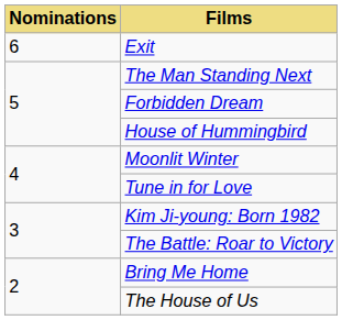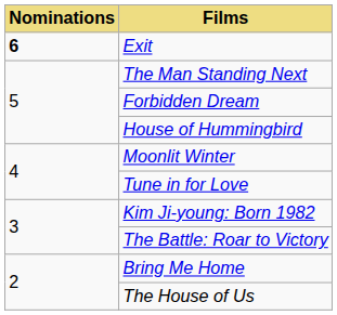 <table class="wikitable" align="center">
 <tr>
 <th style="background:#EEDD82;" align="center">Nominations</th>
 <th style="background:#EEDD82;" align="center">Films</th>
 </tr>
 <tr>
-<td>6</td>
+<td><strong>6</strong></td>
 <td><a href='#'><em>Exit</em></a></td>
 </tr>
 <tr>
 <td rowspan="3">5</td>
 <td><em><a href='#'>The Man Standing Next</a></em></td>
 </tr>
 <tr>
 <td><em><a href='#'>Forbidden Dream</a></em></td>
 </tr>
 <tr>
 <td><em><a href='#'>House of Hummingbird</a></em></td>
 </tr>
 <tr>
 <td rowspan="2">4</td>
 <td><em><a href='#'>Moonlit Winter</a></em></td>
 </tr>
 <tr>
 <td><em><a href='#'>Tune in for Love</a></em></td>
 </tr>
 <tr>
 <td rowspan="2">3</td>
 <td><em><a href='#'>Kim Ji-young: Born 1982</a></em></td>
 </tr>
 <tr>
 <td><em><a href='#'>The Battle: Roar to Victory</a></em></td>
 </tr>
 <tr>
 <td rowspan="2">2</td>
 <td><em><a href='#'>Bring Me Home</a></em></td>
 </tr>
 <tr>
 <td><em>The House of Us</em></td>
 </tr>
 </table>
